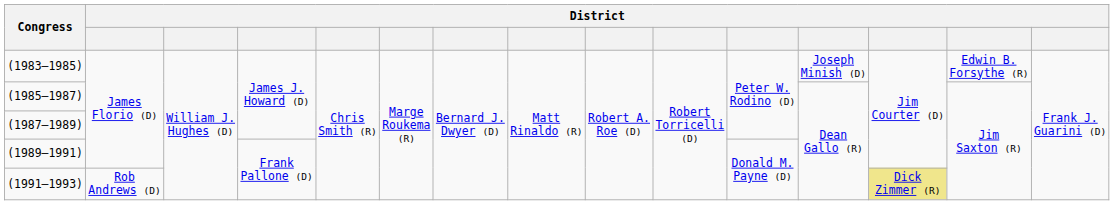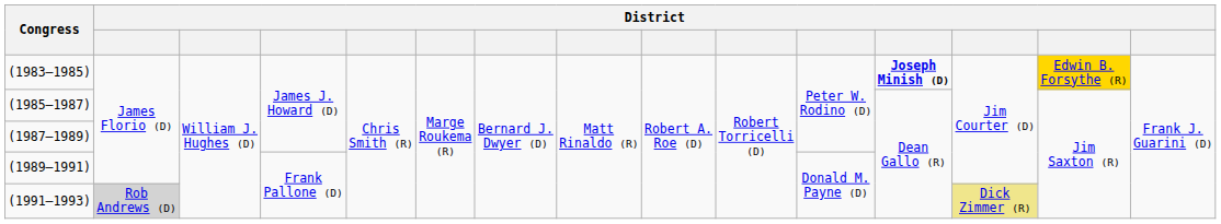 <table class=wikitable style="text-align:center">
 <tr style="height:2em">
 <th rowspan=2>Cong­ress</th>
 <th colspan=14>District</th>
 </tr>
 <tr style="height:2em">
 <th></th>
 <th></th>
 <th></th>
 <th></th>
 <th></th>
 <th></th>
 <th></th>
 <th></th>
 <th></th>
 <th></th>
 <th></th>
 <th></th>
 <th></th>
 <th></th>
 </tr>
 <tr style="height:2.5em">
 <td><strong></strong> (1983–1985)</td>
 <td rowspan="4" ><a href='#'>James<br>Florio</a> <small>(D)</small></td>
 <td rowspan="5" ><a href='#'>William J.<br>Hughes</a> <small>(D)</small></td>
 <td rowspan="3" ><a href='#'>James J.<br>Howard</a> <small>(D)</small></td>
 <td rowspan="5" ><a href='#'>Chris<br>Smith</a> <small>(R)</small></td>
 <td rowspan="5" ><a href='#'>Marge<br>Roukema</a><br><small>(R)</small></td>
 <td rowspan=5 ><a href='#'>Bernard J.<br>Dwyer</a> <small>(D)</small></td>
 <td rowspan=5 ><a href='#'>Matt<br>Rinaldo</a> <small>(R)</small></td>
 <td rowspan="5" ><a href='#'>Robert A.<br>Roe</a> <small>(D)</small></td>
 <td rowspan="5" ><a href='#'>Robert<br>Torricelli</a><br><small>(D)</small></td>
 <td rowspan="3" ><a href='#'>Peter W.<br>Rodino</a> <small>(D)</small></td>
-<td><a href='#'>Joseph<br>Minish</a> <small>(D)</small></td>
+<td><strong><a href='#'>Joseph<br>Minish</a> <small>(D)</small></strong></td>
 <td rowspan=4 ><a href='#'>Jim<br>Courter</a> <small>(D)</small></td>
-<td><a href='#'>Edwin B.<br>Forsythe</a> <small>(R)</small></td>
+<td style="background: gold;"><a href='#'>Edwin B.<br>Forsythe</a> <small>(R)</small></td>
 <td rowspan="5" ><a href='#'>Frank J.<br>Guarini</a> <small>(D)</small></td>
 </tr>
 <tr style="height:2.5em">
 <td><strong></strong> (1985–1987)</td>
 <td rowspan="4" ><a href='#'>Dean<br>Gallo</a> <small>(R)</small></td>
 <td rowspan=4 ><a href='#'>Jim<br>Saxton</a> <small>(R)</small></td>
 </tr>
 <tr style="height:2.5em">
 <td><strong></strong> (1987–1989)</td>
 </tr>
 <tr style="height:2.5em">
 <td><strong></strong> (1989–1991)</td>
 <td rowspan=2 ><a href='#'>Frank<br>Pallone</a> <small>(D)</small></td>
 <td rowspan="2" ><a href='#'>Donald M.<br>Payne</a> <small>(D)</small></td>
 </tr>
 <tr style="height:2.5em">
 <td><strong></strong> (1991–1993)</td>
-<td><a href='#'>Rob<br>Andrews</a> <small>(D)</small></td>
+<td style="background: lightgrey;"><a href='#'>Rob<br>Andrews</a> <small>(D)</small></td>
 <td style="background: khaki;"><a href='#'>Dick<br>Zimmer</a> <small>(R)</small></td>
 </tr>
 </table>
